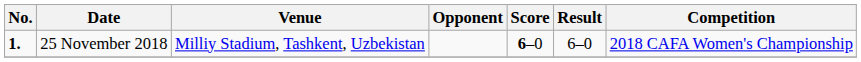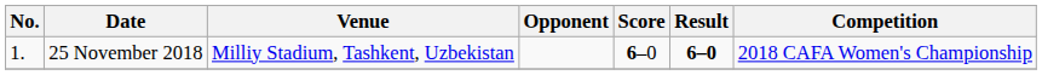 <table class="wikitable">
 <tr>
 <th>No.</th>
 <th>Date</th>
 <th>Venue</th>
 <th>Opponent</th>
 <th>Score</th>
 <th>Result</th>
 <th>Competition</th>
 </tr>
 <tr>
-<td><strong>1.</strong></td>
+<td>1.</td>
 <td>25 November 2018</td>
 <td><a href='#'>Milliy Stadium</a>, <a href='#'>Tashkent</a>, <a href='#'>Uzbekistan</a></td>
 <td></td>
 <td align=center><strong>6</strong>–0</td>
-<td align=center>6–0</td>
+<td align=center><strong>6–0</strong></td>
 <td><a href='#'>2018 CAFA Women's Championship</a></td>
 </tr>
 <tr>
 </tr>
 </table>
